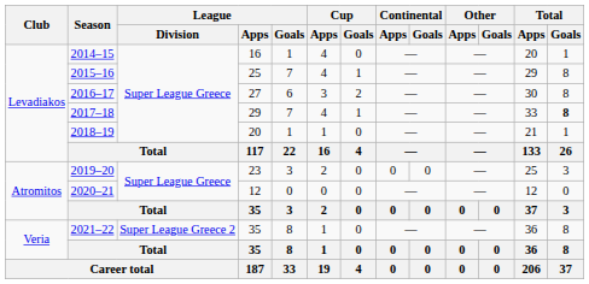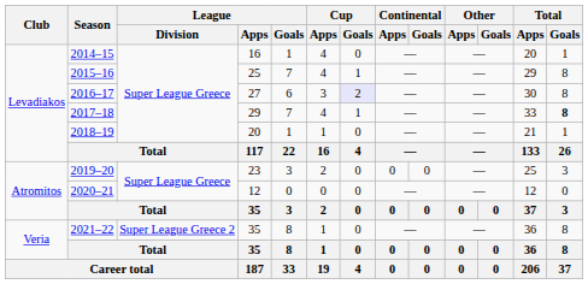 <table class="wikitable" style="text-align:center">
 <tr>
 <th rowspan=2>Club</th>
 <th rowspan=2>Season</th>
 <th colspan=3>League</th>
 <th colspan=2>Cup</th>
 <th colspan=2>Continental</th>
 <th colspan=2>Other</th>
 <th colspan=2>Total</th>
 </tr>
 <tr>
 <th>Division</th>
 <th>Apps</th>
 <th>Goals</th>
 <th>Apps</th>
 <th>Goals</th>
 <th>Apps</th>
 <th>Goals</th>
 <th>Apps</th>
 <th>Goals</th>
 <th>Apps</th>
 <th>Goals</th>
 </tr>
 <tr>
 <td rowspan="6"><a href='#'>Levadiakos</a></td>
 <td><a href='#'>2014–15</a></td>
 <td rowspan="5"><a href='#'>Super League Greece</a></td>
 <td>16</td>
 <td>1</td>
 <td>4</td>
 <td>0</td>
 <td colspan="2">—</td>
 <td colspan="2">—</td>
 <td>20</td>
 <td>1</td>
 </tr>
 <tr>
 <td><a href='#'>2015–16</a></td>
 <td>25</td>
 <td>7</td>
 <td>4</td>
 <td>1</td>
 <td colspan="2">—</td>
 <td colspan="2">—</td>
 <td>29</td>
 <td>8</td>
 </tr>
 <tr>
 <td><a href='#'>2016–17</a></td>
 <td>27</td>
 <td>6</td>
 <td>3</td>
-<td>2</td>
+<td style="background: lavender;">2</td>
 <td colspan="2">—</td>
 <td colspan="2">—</td>
 <td>30</td>
 <td>8</td>
 </tr>
 <tr>
 <td><a href='#'>2017–18</a></td>
 <td>29</td>
 <td>7</td>
 <td>4</td>
 <td>1</td>
 <td colspan="2">—</td>
 <td colspan="2">—</td>
 <td>33</td>
 <td><strong>8</strong></td>
 </tr>
 <tr>
 <td><a href='#'>2018–19</a></td>
 <td>20</td>
 <td>1</td>
 <td>1</td>
 <td>0</td>
 <td colspan="2">—</td>
 <td colspan="2">—</td>
 <td>21</td>
 <td>1</td>
 </tr>
 <tr>
 <th colspan="2">Total</th>
 <th>117</th>
 <th>22</th>
 <th>16</th>
 <th>4</th>
 <th colspan="2">—</th>
 <th colspan="2">—</th>
 <th>133</th>
 <th>26</th>
 </tr>
 <tr>
 <td rowspan="3"><a href='#'>Atromitos</a></td>
 <td><a href='#'>2019–20</a></td>
 <td rowspan="2"><a href='#'>Super League Greece</a></td>
 <td>23</td>
 <td>3</td>
 <td>2</td>
 <td>0</td>
 <td>0</td>
 <td>0</td>
 <td colspan="2">—</td>
 <td>25</td>
 <td>3</td>
 </tr>
 <tr>
 <td><a href='#'>2020–21</a></td>
 <td>12</td>
 <td>0</td>
 <td>0</td>
 <td>0</td>
 <td colspan="2">—</td>
 <td colspan="2">—</td>
 <td>12</td>
 <td>0</td>
 </tr>
 <tr>
 <th colspan="2">Total</th>
 <th>35</th>
 <th>3</th>
 <th>2</th>
 <th>0</th>
 <th>0</th>
 <th>0</th>
 <th>0</th>
 <th>0</th>
 <th>37</th>
 <th>3</th>
 </tr>
 <tr>
 <td rowspan="2"><a href='#'>Veria</a></td>
 <td><a href='#'>2021–22</a></td>
 <td rowspan="1"><a href='#'>Super League Greece 2</a></td>
 <td>35</td>
 <td>8</td>
 <td>1</td>
 <td>0</td>
 <td colspan="2">—</td>
 <td colspan="2">—</td>
 <td>36</td>
 <td>8</td>
 </tr>
 <tr>
 <th colspan="2">Total</th>
 <th>35</th>
 <th>8</th>
 <th>1</th>
 <th>0</th>
 <th>0</th>
 <th>0</th>
 <th>0</th>
 <th>0</th>
 <th>36</th>
 <th>8</th>
 </tr>
 <tr>
 <th colspan="3">Career total</th>
 <th>187</th>
 <th>33</th>
 <th>19</th>
 <th>4</th>
 <th>0</th>
 <th>0</th>
 <th>0</th>
 <th>0</th>
 <th>206</th>
 <th>37</th>
 </tr>
 </table>
